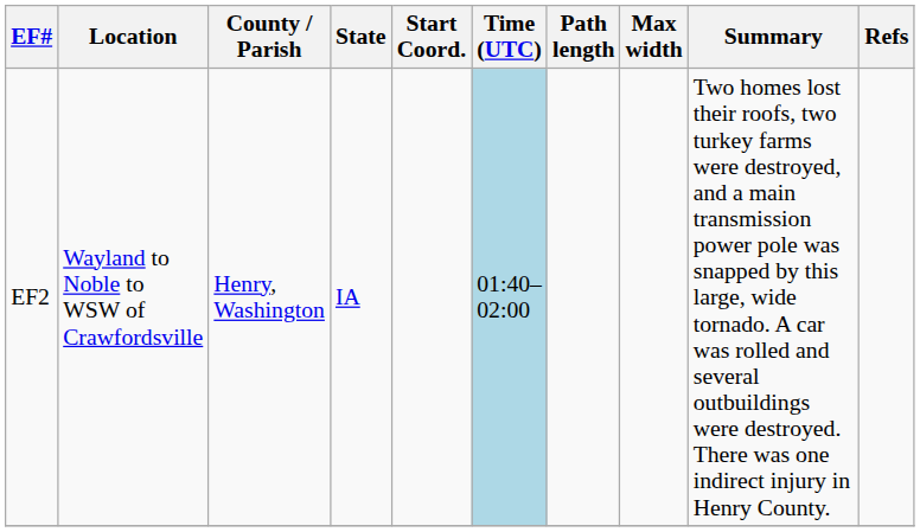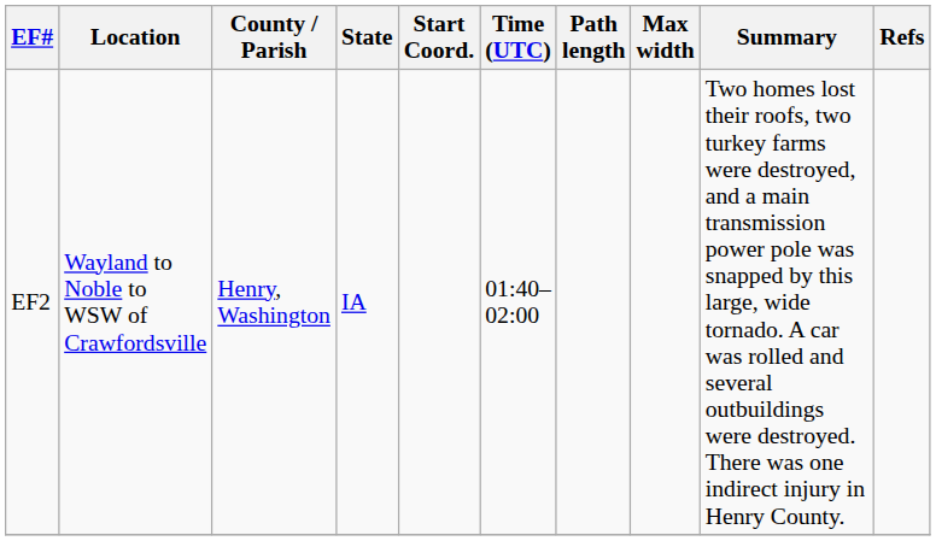 <table class="wikitable sortable" style="width:100%;">
 <tr>
 <th scope="col"  style="width:3%; text-align:center;"><a href='#'>EF#</a></th>
 <th scope="col"  style="width:7%; text-align:center;" class="unsortable">Location</th>
 <th scope="col"  style="width:6%; text-align:center;" class="unsortable">County / Parish</th>
 <th scope="col"  style="width:5%; text-align:center;">State</th>
 <th scope="col"  style="width:6%; text-align:center;">Start Coord.</th>
 <th scope="col"  style="width:6%; text-align:center;">Time (<a href='#'>UTC</a>)</th>
 <th scope="col"  style="width:6%; text-align:center;">Path length</th>
 <th scope="col"  style="width:6%; text-align:center;">Max width</th>
 <th scope="col" class="unsortable" style="width:48%; text-align:center;">Summary</th>
 <th scope="col" class="unsortable" style="width:3%; text-align:center;">Refs</th>
 </tr>
 <tr>
 <td>EF2</td>
 <td><a href='#'>Wayland</a> to <a href='#'>Noble</a> to WSW of <a href='#'>Crawfordsville</a></td>
 <td><a href='#'>Henry</a>, <a href='#'>Washington</a></td>
 <td><a href='#'>IA</a></td>
 <td></td>
-<td style="background: lightblue;">01:40–02:00</td>
+<td>01:40–02:00</td>
 <td></td>
 <td></td>
 <td>Two homes lost their roofs, two turkey farms were destroyed, and a main transmission power pole was snapped by this large,  wide tornado. A car was rolled and several outbuildings were destroyed. There was one indirect injury in Henry County.</td>
 <td></td>
 </tr>
 <tr>
 </tr>
 </table>
